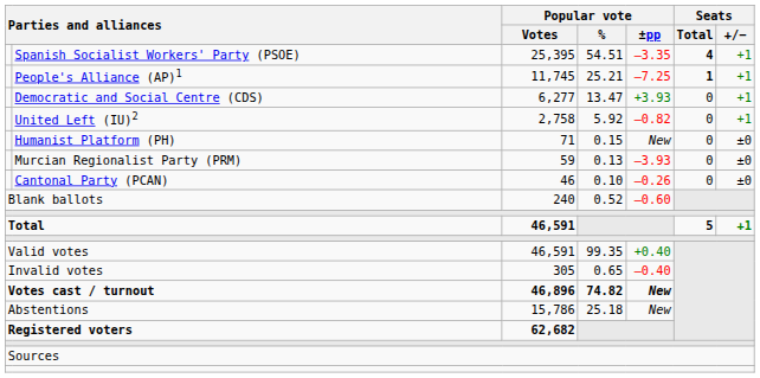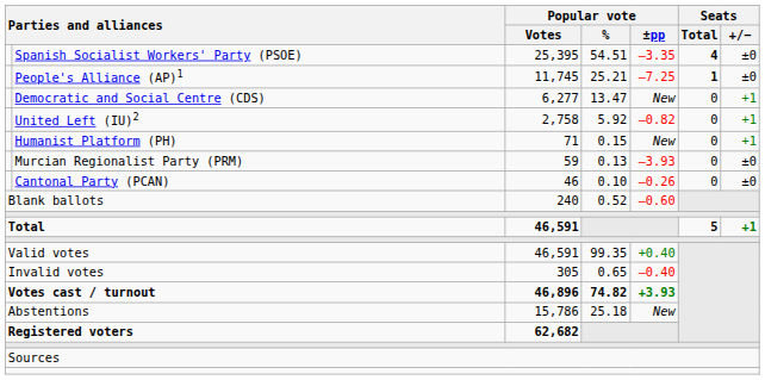 <table class="wikitable" style="text-align:right;">
 <tr>
 <th style="text-align:left;" rowspan="2" colspan="2" width="525">Parties and alliances</th>
 <th colspan="3">Popular vote</th>
 <th colspan="2">Seats</th>
 </tr>
 <tr>
 <th width="75">Votes</th>
 <th width="45">%</th>
 <th width="45">±<a href='#'>pp</a></th>
 <th width="35">Total</th>
 <th width="35">+/−</th>
 </tr>
 <tr>
 <td width="1" style="color:inherit;background:"></td>
 <td align="left"><a href='#'>Spanish Socialist Workers' Party</a> (PSOE)</td>
 <td>25,395</td>
 <td>54.51</td>
 <td style="color:red;">–3.35</td>
 <td><strong>4</strong></td>
-<td style="color:green;">+1</td>
+<td>±0</td>
 </tr>
 <tr>
 <td style="color:inherit;background:"></td>
 <td align="left"><a href='#'>People's Alliance</a> (AP)<sup>1</sup></td>
 <td>11,745</td>
 <td>25.21</td>
 <td style="color:red;">–7.25</td>
 <td><strong>1</strong></td>
-<td style="color:green;">+1</td>
+<td>±0</td>
 </tr>
 <tr>
 <td style="color:inherit;background:"></td>
 <td align="left"><a href='#'>Democratic and Social Centre</a> (CDS)</td>
 <td>6,277</td>
 <td>13.47</td>
-<td style="color:green;">+3.93</td>
+<td><em>New</em></td>
 <td>0</td>
 <td style="color:green;">+1</td>
 </tr>
 <tr>
 <td style="color:inherit;background:"></td>
 <td align="left"><a href='#'>United Left</a> (IU)<sup>2</sup></td>
 <td>2,758</td>
 <td>5.92</td>
 <td style="color:red;">–0.82</td>
 <td>0</td>
 <td style="color:green;">+1</td>
 </tr>
 <tr>
 <td style="color:inherit;background:"></td>
 <td align="left"><a href='#'>Humanist Platform</a> (PH)</td>
 <td>71</td>
 <td>0.15</td>
 <td><em>New</em></td>
 <td>0</td>
-<td>±0</td>
+<td style="color:green;">+1</td>
 </tr>
 <tr>
 <td style="color:inherit;background:"></td>
 <td align="left">Murcian Regionalist Party (PRM)</td>
 <td>59</td>
 <td>0.13</td>
 <td style="color:red;">–3.93</td>
 <td>0</td>
 <td>±0</td>
 </tr>
 <tr>
 <td style="color:inherit;background:"></td>
 <td align="left"><a href='#'>Cantonal Party</a> (PCAN)</td>
 <td>46</td>
 <td>0.10</td>
 <td style="color:red;">–0.26</td>
 <td>0</td>
 <td>±0</td>
 </tr>
 <tr>
 <td align="left" colspan="2">Blank ballots</td>
 <td>240</td>
 <td>0.52</td>
 <td style="color:red;">–0.60</td>
 <td bgcolor="#E9E9E9" colspan="2"></td>
 </tr>
 <tr>
 <td colspan="7" bgcolor="#E9E9E9"></td>
 </tr>
 <tr style="font-weight:bold;">
 <td align="left" colspan="2">Total</td>
 <td>46,591</td>
 <td bgcolor="#E9E9E9" colspan="2"></td>
 <td>5</td>
 <td style="color:green;">+1</td>
 </tr>
 <tr>
 <td colspan="7" bgcolor="#E9E9E9"></td>
 </tr>
 <tr>
 <td align="left" colspan="2">Valid votes</td>
 <td>46,591</td>
 <td>99.35</td>
 <td style="color:green;">+0.40</td>
 <td bgcolor="#E9E9E9" colspan="2" rowspan="5"></td>
 </tr>
 <tr>
 <td align="left" colspan="2">Invalid votes</td>
 <td>305</td>
 <td>0.65</td>
 <td style="color:red;">–0.40</td>
 </tr>
 <tr style="font-weight:bold;">
 <td align="left" colspan="2">Votes cast / turnout</td>
 <td>46,896</td>
 <td>74.82</td>
-<td><em>New</em></td>
+<td style="color:green;">+3.93</td>
 </tr>
 <tr>
 <td align="left" colspan="2">Abstentions</td>
 <td>15,786</td>
 <td>25.18</td>
 <td><em>New</em></td>
 </tr>
 <tr style="font-weight:bold;">
 <td align="left" colspan="2">Registered voters</td>
 <td>62,682</td>
 <td bgcolor="#E9E9E9" colspan="2"></td>
 </tr>
 <tr>
 <td colspan="7" bgcolor="#E9E9E9"></td>
 </tr>
 <tr>
 <td align="left" colspan="7">Sources</td>
 </tr>
 <tr>
 <td colspan="7" style="text-align:left; max-width:790px;"></td>
 </tr>
 </table>
